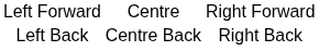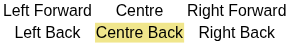 <table style="font-size:100%; text-align:center;">
 <tr>
 <td>Left Forward</td>
 <td>Centre</td>
 <td>Right Forward</td>
 </tr>
 <tr>
 <td>Left Back</td>
-<td>Centre Back</td>
+<td style="background: khaki;">Centre Back</td>
 <td>Right Back</td>
 </tr>
 </table>
